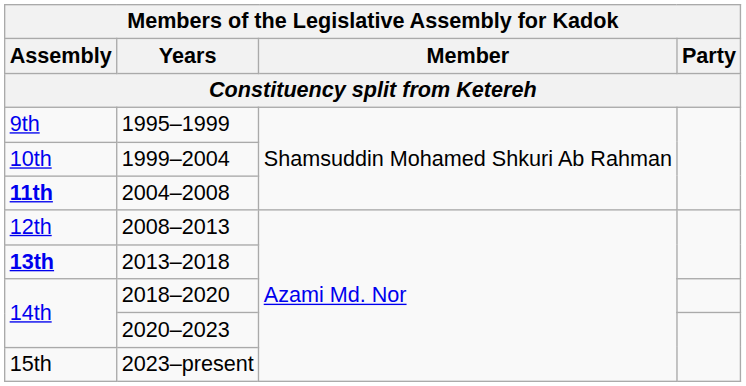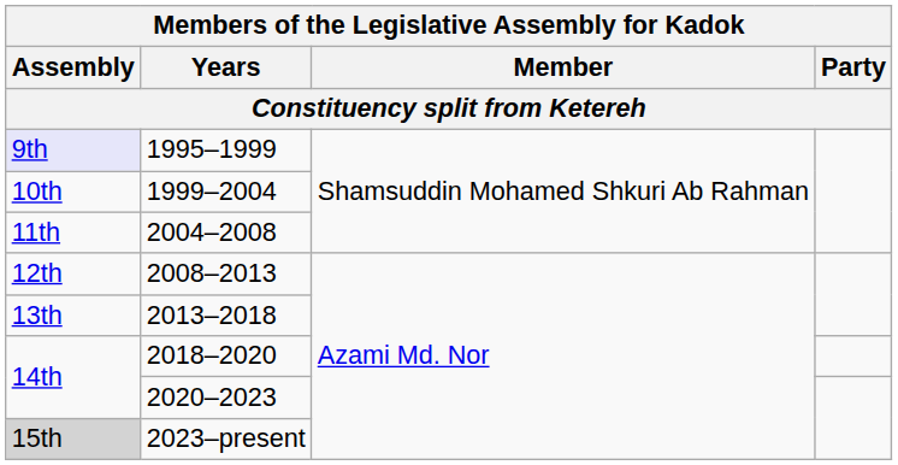 <table class="wikitable">
 <tr>
 <th colspan="4">Members of the Legislative Assembly for Kadok</th>
 </tr>
 <tr>
 <th>Assembly</th>
 <th>Years</th>
 <th>Member</th>
 <th>Party</th>
 </tr>
 <tr>
 <th colspan="4" align="center"><em>Constituency split from Ketereh</em></th>
 </tr>
 <tr>
-<td><a href='#'>9th</a></td>
+<td style="background: lavender;"><a href='#'>9th</a></td>
 <td>1995–1999</td>
 <td rowspan="3">Shamsuddin Mohamed Shkuri Ab Rahman</td>
 <td rowspan="3"></td>
 </tr>
 <tr>
 <td><a href='#'>10th</a></td>
 <td>1999–2004</td>
 </tr>
 <tr>
-<td><strong><a href='#'>11th</a></strong></td>
+<td><a href='#'>11th</a></td>
 <td>2004–2008</td>
 </tr>
 <tr>
 <td><a href='#'>12th</a></td>
 <td>2008–2013</td>
 <td rowspan="5"><a href='#'>Azami Md. Nor</a></td>
 <td rowspan=2></td>
 </tr>
 <tr>
-<td><strong><a href='#'>13th</a></strong></td>
+<td><a href='#'>13th</a></td>
 <td>2013–2018</td>
 </tr>
 <tr>
 <td rowspan="2"><a href='#'>14th</a></td>
 <td>2018–2020</td>
 <td></td>
 </tr>
 <tr>
 <td>2020–2023</td>
 <td rowspan="2"></td>
 </tr>
 <tr>
-<td>15th</td>
+<td style="background: lightgrey;">15th</td>
 <td>2023–present</td>
 </tr>
 </table>
